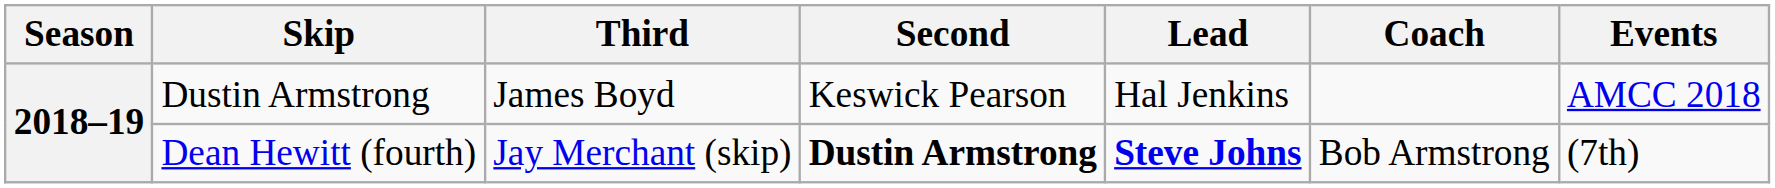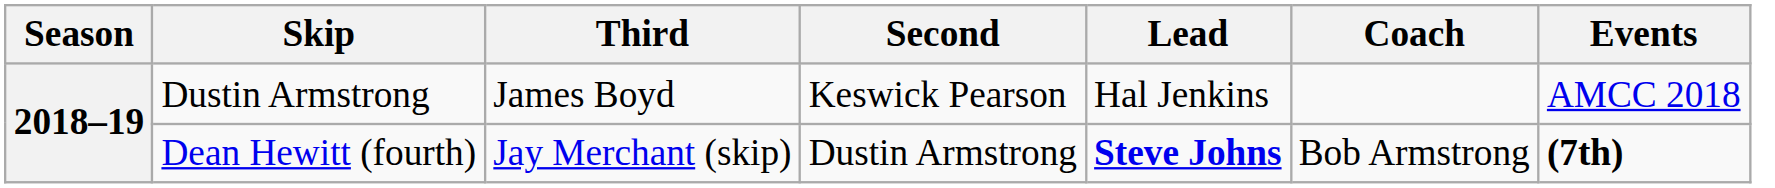 <table class="wikitable">
 <tr>
 <th scope="col">Season</th>
 <th scope="col">Skip</th>
 <th scope="col">Third</th>
 <th scope="col">Second</th>
 <th scope="col">Lead</th>
 <th scope="col">Coach</th>
 <th scope="col">Events</th>
 </tr>
 <tr>
 <th scope="row" rowspan=2>2018–19</th>
 <td>Dustin Armstrong</td>
 <td>James Boyd</td>
 <td>Keswick Pearson</td>
 <td>Hal Jenkins</td>
 <td></td>
 <td><a href='#'>AMCC 2018</a> </td>
 </tr>
 <tr>
 <td><a href='#'>Dean Hewitt</a> (fourth)</td>
 <td><a href='#'>Jay Merchant</a> (skip)</td>
-<td><strong>Dustin Armstrong</strong></td>
+<td>Dustin Armstrong</td>
 <td><strong><a href='#'>Steve Johns</a></strong></td>
 <td>Bob Armstrong</td>
-<td> (7th)</td>
+<td><strong> (7th)</strong></td>
 </tr>
 </table>
